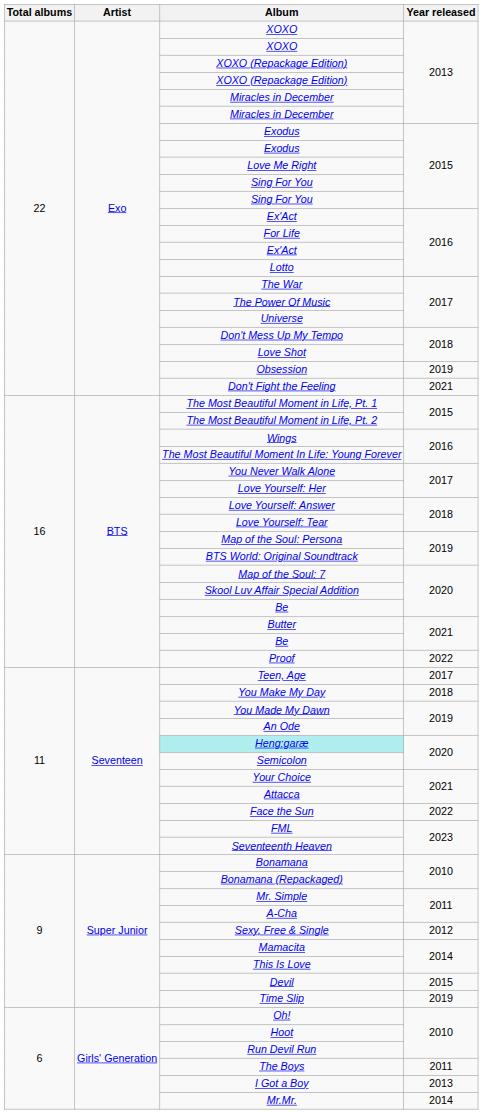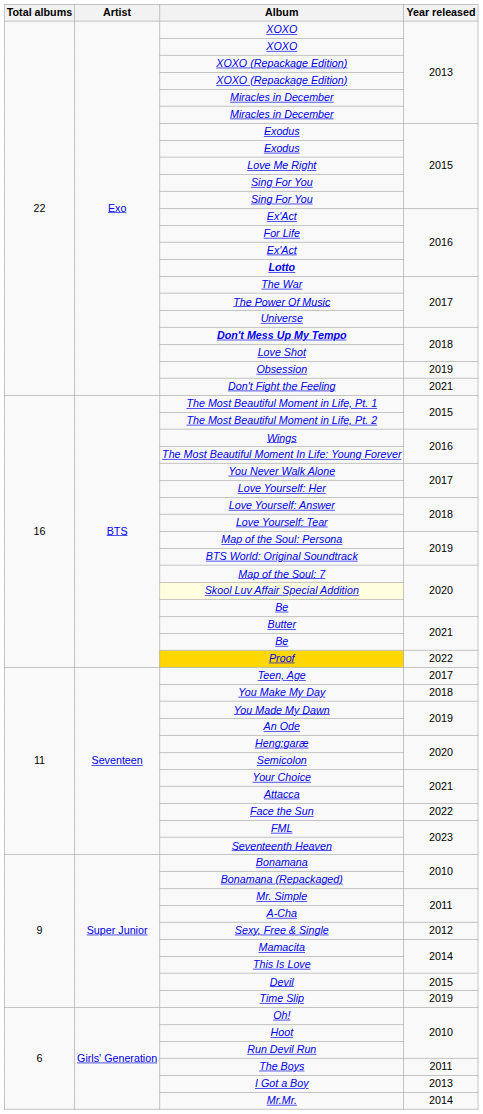 <table class="wikitable" style="text-align: center;">
 <tr>
 <th>Total albums</th>
 <th>Artist</th>
 <th>Album</th>
 <th>Year released</th>
 </tr>
 <tr>
 <td rowspan='22'>22</td>
 <td rowspan='22'><a href='#'>Exo</a></td>
 <td><em><a href='#'>XOXO</a> </em></td>
 <td rowspan='6'>2013</td>
 </tr>
 <tr>
 <td><em><a href='#'>XOXO</a> </em></td>
 </tr>
 <tr>
 <td><em><a href='#'>XOXO (Repackage Edition)</a> </em></td>
 </tr>
 <tr>
 <td><em><a href='#'>XOXO (Repackage Edition)</a> </em></td>
 </tr>
 <tr>
 <td><em><a href='#'>Miracles in December</a> </em></td>
 </tr>
 <tr>
 <td><em><a href='#'>Miracles in December</a> </em></td>
 </tr>
 <tr>
 <td><em><a href='#'>Exodus</a> </em></td>
 <td rowspan='5'>2015</td>
 </tr>
 <tr>
 <td><em><a href='#'>Exodus</a> </em></td>
 </tr>
 <tr>
 <td><em><a href='#'>Love Me Right</a> </em></td>
 </tr>
 <tr>
 <td><em><a href='#'>Sing For You</a> </em></td>
 </tr>
 <tr>
 <td><em><a href='#'>Sing For You</a> </em></td>
 </tr>
 <tr>
 <td><em><a href='#'>Ex'Act</a> </em></td>
 <td rowspan='4'>2016</td>
 </tr>
 <tr>
 <td><em><a href='#'>For Life</a></em></td>
 </tr>
 <tr>
 <td><em><a href='#'>Ex'Act</a> </em></td>
 </tr>
 <tr>
-<td><em><a href='#'>Lotto</a> </em></td>
+<td><strong><em><a href='#'>Lotto</a> </em></strong></td>
 </tr>
 <tr>
 <td><em><a href='#'>The War</a> </em></td>
 <td rowspan='3'>2017</td>
 </tr>
 <tr>
 <td><em><a href='#'>The Power Of Music</a> </em></td>
 </tr>
 <tr>
 <td><em> <a href='#'>Universe</a></em></td>
 </tr>
 <tr>
-<td><em><a href='#'>Don't Mess Up My Tempo</a></em></td>
+<td><strong><em><a href='#'>Don't Mess Up My Tempo</a></em></strong></td>
 <td rowspan='2'>2018</td>
 </tr>
 <tr>
 <td><em><a href='#'>Love Shot</a></em></td>
 </tr>
 <tr>
 <td><em><a href='#'>Obsession</a></em></td>
 <td>2019</td>
 </tr>
 <tr>
 <td><em><a href='#'>Don't Fight the Feeling</a></em></td>
 <td>2021</td>
 </tr>
 <tr>
 <td rowspan='16'>16</td>
 <td rowspan='16'><a href='#'>BTS</a></td>
 <td><em><a href='#'>The Most Beautiful Moment in Life, Pt. 1</a></em></td>
 <td rowspan='2'>2015</td>
 </tr>
 <tr>
 <td><em><a href='#'>The Most Beautiful Moment in Life, Pt. 2</a></em></td>
 </tr>
 <tr>
 <td><em><a href='#'>Wings</a></em></td>
 <td rowspan='2'>2016</td>
 </tr>
 <tr>
 <td><em><a href='#'>The Most Beautiful Moment In Life: Young Forever</a></em></td>
 </tr>
 <tr>
 <td><em><a href='#'>You Never Walk Alone</a></em></td>
 <td rowspan='2'>2017</td>
 </tr>
 <tr>
 <td><em><a href='#'>Love Yourself: Her</a></em></td>
 </tr>
 <tr>
 <td><em><a href='#'>Love Yourself: Answer</a></em></td>
 <td rowspan='2'>2018</td>
 </tr>
 <tr>
 <td><em><a href='#'>Love Yourself: Tear</a></em></td>
 </tr>
 <tr>
 <td><em><a href='#'>Map of the Soul: Persona</a></em></td>
 <td rowspan='2'>2019</td>
 </tr>
 <tr>
 <td><em><a href='#'>BTS World: Original Soundtrack</a></em></td>
 </tr>
 <tr>
 <td><em><a href='#'>Map of the Soul: 7</a></em></td>
 <td rowspan='3'>2020</td>
 </tr>
 <tr>
-<td><em><a href='#'>Skool Luv Affair Special Addition</a></em></td>
+<td style="background: lightyellow;"><em><a href='#'>Skool Luv Affair Special Addition</a></em></td>
 </tr>
 <tr>
 <td><em><a href='#'>Be</a></em></td>
 </tr>
 <tr>
 <td><em><a href='#'>Butter</a></em></td>
 <td rowspan='2'>2021</td>
 </tr>
 <tr>
 <td><em><a href='#'>Be</a></em></td>
 </tr>
 <tr>
-<td><em><a href='#'>Proof</a></em></td>
+<td style="background: gold;"><em><a href='#'>Proof</a></em></td>
 <td>2022</td>
 </tr>
 <tr>
 <td rowspan='11'>11</td>
 <td rowspan='11'><a href='#'>Seventeen</a></td>
 <td><em><a href='#'>Teen, Age</a></em></td>
 <td>2017</td>
 </tr>
 <tr>
 <td><em><a href='#'>You Make My Day</a></em></td>
 <td>2018</td>
 </tr>
 <tr>
 <td><em><a href='#'>You Made My Dawn</a></em></td>
 <td rowspan='2'>2019</td>
 </tr>
 <tr>
 <td><em><a href='#'>An Ode</a></em></td>
 </tr>
 <tr>
-<td style="background: paleturquoise;"><em><a href='#'>Heng:garæ</a></em></td>
+<td><em><a href='#'>Heng:garæ</a></em></td>
 <td rowspan='2'>2020</td>
 </tr>
 <tr>
 <td><em><a href='#'>Semicolon</a></em></td>
 </tr>
 <tr>
 <td><em><a href='#'>Your Choice</a></em></td>
 <td rowspan='2'>2021</td>
 </tr>
 <tr>
 <td><em><a href='#'>Attacca</a></em></td>
 </tr>
 <tr>
 <td><em><a href='#'>Face the Sun</a></em></td>
 <td>2022</td>
 </tr>
 <tr>
 <td><em><a href='#'>FML</a></em></td>
 <td rowspan='2'>2023</td>
 </tr>
 <tr>
 <td><em><a href='#'>Seventeenth Heaven</a></em></td>
 </tr>
 <tr>
 <td rowspan='9'>9</td>
 <td rowspan='9'><a href='#'>Super Junior</a></td>
 <td><em><a href='#'>Bonamana</a></em></td>
 <td rowspan='2'>2010</td>
 </tr>
 <tr>
 <td><em><a href='#'>Bonamana (Repackaged)</a></em></td>
 </tr>
 <tr>
 <td><em><a href='#'>Mr. Simple</a></em></td>
 <td rowspan='2'>2011</td>
 </tr>
 <tr>
 <td><em><a href='#'>A-Cha</a></em></td>
 </tr>
 <tr>
 <td><em><a href='#'>Sexy, Free & Single</a></em></td>
 <td>2012</td>
 </tr>
 <tr>
 <td><em><a href='#'>Mamacita</a></em></td>
 <td rowspan='2'>2014</td>
 </tr>
 <tr>
 <td><em><a href='#'>This Is Love</a></em></td>
 </tr>
 <tr>
 <td><em><a href='#'>Devil</a></em></td>
 <td>2015</td>
 </tr>
 <tr>
 <td><em><a href='#'>Time Slip</a></em></td>
 <td>2019</td>
 </tr>
 <tr>
 <td rowspan='6'>6</td>
 <td rowspan='6'><a href='#'>Girls' Generation</a></td>
 <td><em><a href='#'>Oh!</a></em></td>
 <td rowspan='3'>2010</td>
 </tr>
 <tr>
 <td><em><a href='#'>Hoot</a></em></td>
 </tr>
 <tr>
 <td><em><a href='#'>Run Devil Run</a></em></td>
 </tr>
 <tr>
 <td><em><a href='#'>The Boys</a></em></td>
 <td>2011</td>
 </tr>
 <tr>
 <td><em><a href='#'>I Got a Boy</a></em></td>
 <td>2013</td>
 </tr>
 <tr>
 <td><em><a href='#'>Mr.Mr.</a></em></td>
 <td>2014</td>
 </tr>
 </table>
